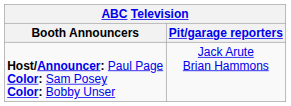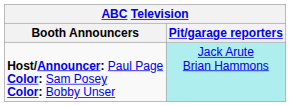 <table class="wikitable" style="font-size: 95%;">
 <tr>
 <th colspan=2><a href='#'>ABC</a> <a href='#'>Television</a></th>
 </tr>
 <tr>
 <th>Booth Announcers</th>
 <th><a href='#'>Pit/garage reporters</a></th>
 </tr>
 <tr>
 <td valign="top"><br><strong>Host/<a href='#'>Announcer</a>:</strong> <a href='#'>Paul Page</a><br> <strong><a href='#'>Color</a>:</strong> <a href='#'>Sam Posey</a><br> <strong><a href='#'>Color</a>:</strong> <a href='#'>Bobby Unser</a><br></td>
-<td align="center" valign="top"><a href='#'>Jack Arute</a><br><a href='#'>Brian Hammons</a><br></td>
+<td align="center" valign="top" style="background: paleturquoise;"><a href='#'>Jack Arute</a><br><a href='#'>Brian Hammons</a><br></td>
 </tr>
 </table>
